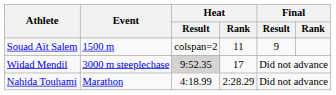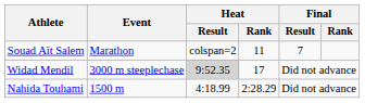 <table class=wikitable style="font-size:90%">
 <tr>
 <th rowspan="2">Athlete</th>
 <th rowspan="2">Event</th>
 <th colspan="2">Heat</th>
 <th colspan="2">Final</th>
 </tr>
 <tr style="font-size:95%">
 <th>Result</th>
 <th>Rank</th>
 <th>Result</th>
 <th>Rank</th>
 </tr>
 <tr align=center>
 <td align=left><a href='#'>Souad Aït Salem</a></td>
-<td align=left><a href='#'>1500 m</a></td>
+<td align=left><a href='#'>Marathon</a></td>
 <td>colspan=2 </td>
 <td>11</td>
-<td>9</td>
+<td>7</td>
 </tr>
 <tr align=center>
 <td align=left><a href='#'>Widad Mendil</a></td>
 <td align=left><a href='#'>3000 m steeplechase</a></td>
 <td style="background: lightgrey;">9:52.35</td>
 <td>17</td>
 <td colspan=2>Did not advance</td>
 </tr>
 <tr align=center>
 <td align=left><a href='#'>Nahida Touhami</a></td>
-<td align=left><a href='#'>Marathon</a></td>
+<td align=left><a href='#'>1500 m</a></td>
 <td>4:18.99</td>
 <td>2:28.29</td>
 <td colspan=2>Did not advance</td>
 </tr>
 </table>
